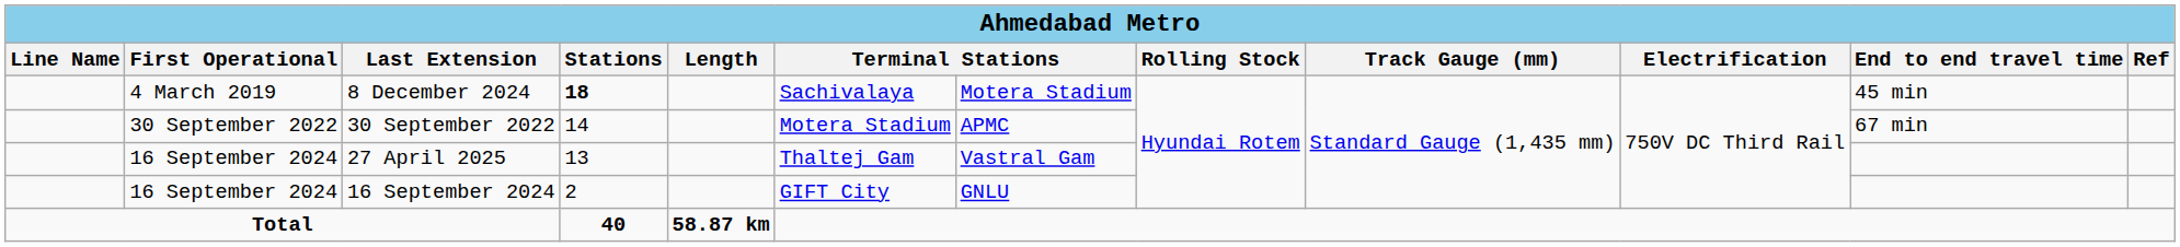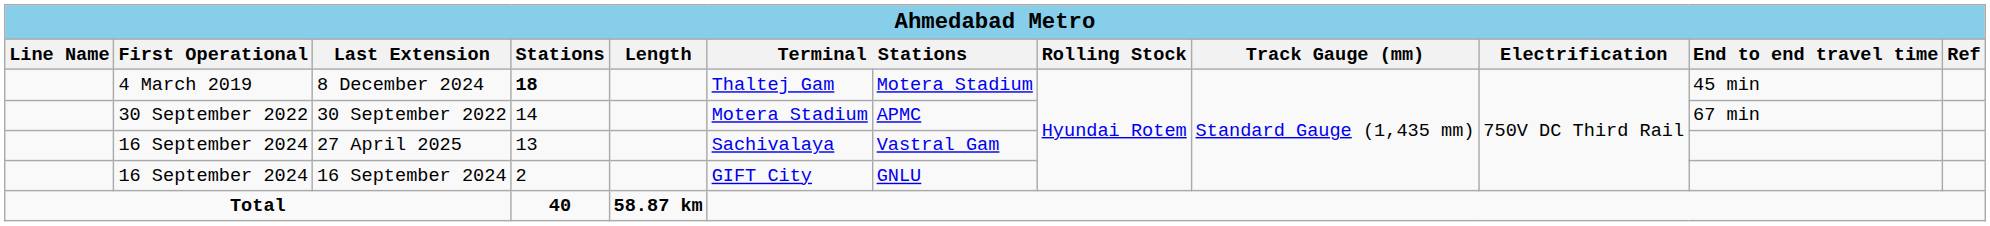 <table class="wikitable">
 <tr>
 <th colspan="12" style="background:#87CEEB;"><big>Ahmedabad Metro</big></th>
 </tr>
 <tr>
 <th>Line Name</th>
 <th>First Operational</th>
 <th>Last Extension</th>
 <th>Stations</th>
 <th>Length</th>
 <th colspan="2">Terminal Stations</th>
 <th>Rolling Stock</th>
 <th>Track Gauge (mm)</th>
 <th>Electrification</th>
 <th>End to end travel time</th>
 <th>Ref</th>
 </tr>
 <tr>
 <td style="background:#"><a href='#'></a></td>
 <td>4 March 2019</td>
 <td>8 December 2024</td>
 <td><strong>18</strong></td>
 <td></td>
-<td><a href='#'>Sachivalaya</a></td>
+<td><a href='#'>Thaltej Gam</a></td>
 <td><a href='#'>Motera Stadium</a></td>
 <td rowspan="4"><a href='#'>Hyundai Rotem</a></td>
 <td rowspan="4"><a href='#'>Standard Gauge</a> (1,435 mm)</td>
 <td rowspan="4">750V DC Third Rail</td>
 <td>45 min</td>
 <td></td>
 </tr>
 <tr>
 <td style="background:#"><a href='#'></a></td>
 <td>30 September 2022</td>
 <td>30 September 2022</td>
 <td>14</td>
 <td></td>
 <td><a href='#'>Motera Stadium</a></td>
 <td><a href='#'>APMC</a></td>
 <td>67 min</td>
 <td></td>
 </tr>
 <tr>
 <td style="background:#"><a href='#'></a></td>
 <td>16 September 2024</td>
 <td>27 April 2025</td>
 <td>13</td>
 <td></td>
-<td><a href='#'>Thaltej Gam</a></td>
+<td><a href='#'>Sachivalaya</a></td>
 <td><a href='#'>Vastral Gam</a></td>
 <td></td>
 <td></td>
 </tr>
 <tr>
 <td style="background:#"><a href='#'></a></td>
 <td>16 September 2024</td>
 <td>16 September 2024</td>
 <td>2</td>
 <td></td>
 <td><a href='#'>GIFT City</a></td>
 <td><a href='#'>GNLU</a></td>
 <td></td>
 <td></td>
 </tr>
 <tr>
 <td colspan="3" style="text-align:center;"><strong>Total</strong></td>
 <td style="text-align:center;"><strong>40</strong></td>
 <td style="text-align:center;"><strong>58.87 km</strong></td>
 </tr>
 </table>
